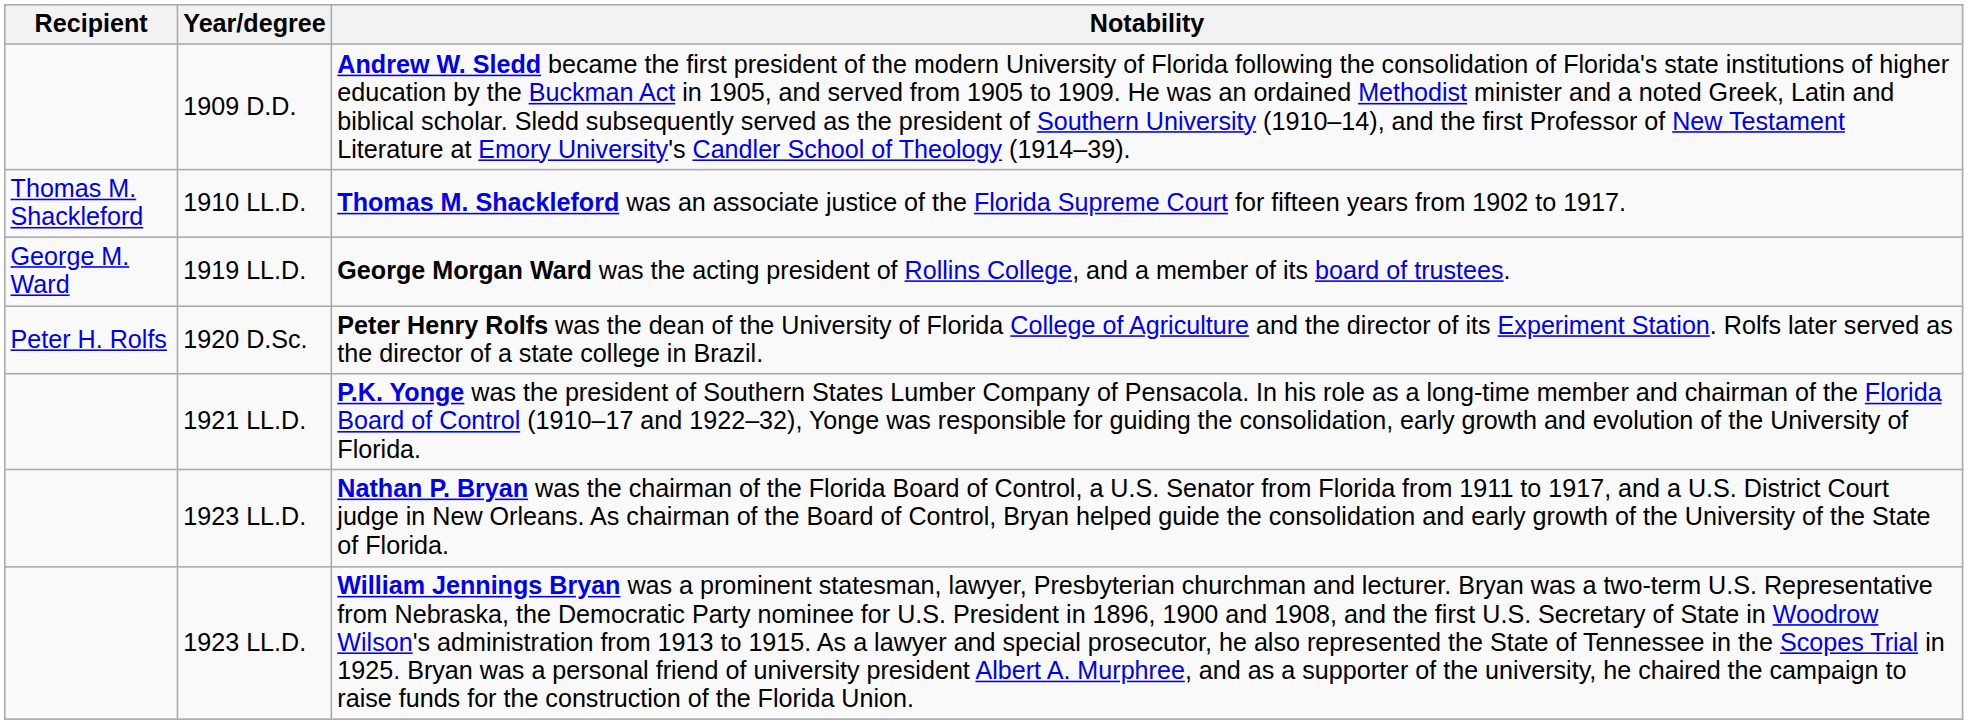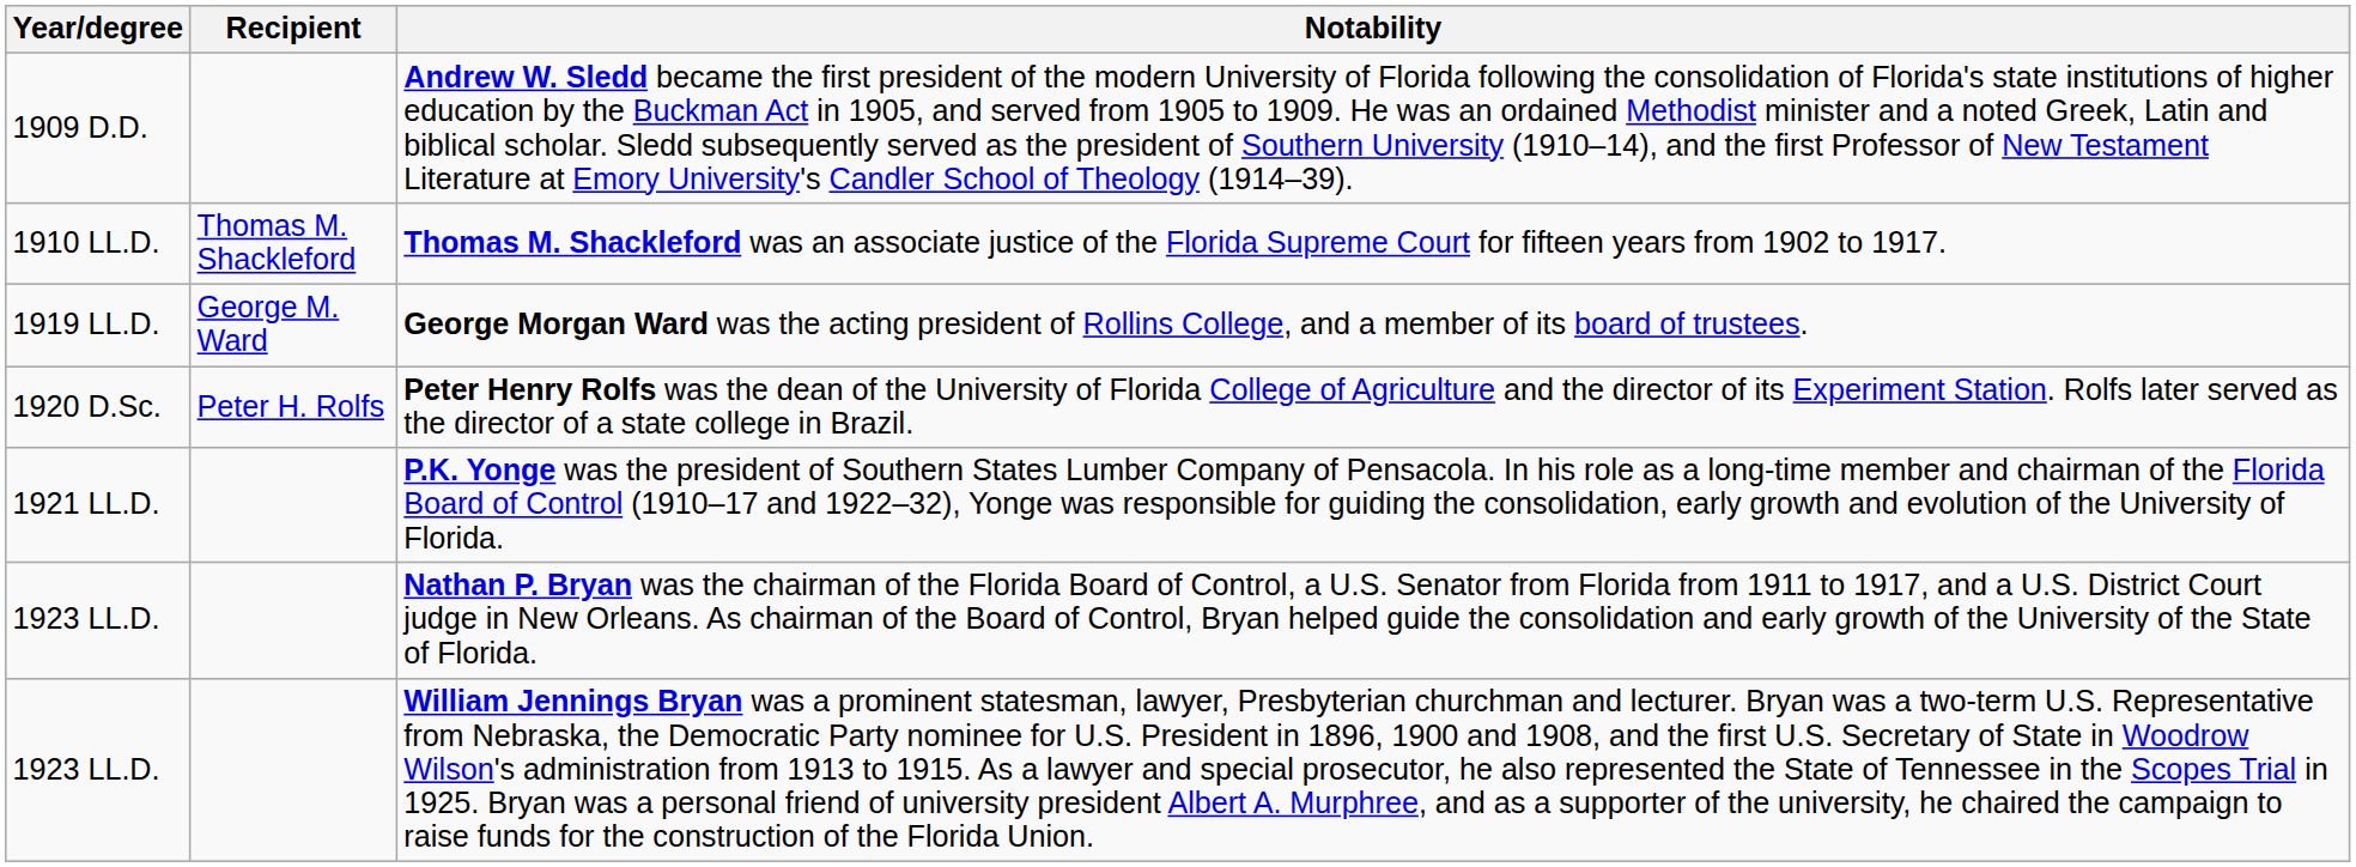 <table class="wikitable">
 <tr>
+<th>Year/degree</th>
 <th>Recipient</th>
-<th>Year/degree</th>
 <th>Notability</th>
 </tr>
 <tr>
+<td>1909 D.D.</td>
 <td></td>
-<td>1909 D.D.</td>
 <td><strong><a href='#'>Andrew W. Sledd</a></strong> became the first president of the modern University of Florida following the consolidation of Florida's state institutions of higher education by the <a href='#'>Buckman Act</a> in 1905, and served from 1905 to 1909.  He was an ordained <a href='#'>Methodist</a> minister and a noted Greek, Latin and biblical scholar.  Sledd subsequently served as the president of <a href='#'>Southern University</a> (1910–14), and the first Professor of <a href='#'>New Testament</a> Literature at <a href='#'>Emory University</a>'s <a href='#'>Candler School of Theology</a> (1914–39).</td>
 </tr>
 <tr>
+<td>1910 LL.D.</td>
 <td><a href='#'>Thomas M. Shackleford</a></td>
-<td>1910 LL.D.</td>
 <td><strong><a href='#'>Thomas M. Shackleford</a></strong> was an associate justice of the <a href='#'>Florida Supreme Court</a> for fifteen years from 1902 to 1917.</td>
 </tr>
 <tr>
+<td>1919 LL.D.</td>
 <td><a href='#'>George M. Ward</a></td>
-<td>1919 LL.D.</td>
 <td><strong>George Morgan Ward</strong> was the acting president of <a href='#'>Rollins College</a>, and a member of its <a href='#'>board of trustees</a>.</td>
 </tr>
 <tr>
+<td>1920 D.Sc.</td>
 <td><a href='#'>Peter H. Rolfs</a></td>
-<td>1920 D.Sc.</td>
 <td><strong>Peter Henry Rolfs</strong> was the dean of the University of Florida <a href='#'>College of Agriculture</a> and the director of its <a href='#'>Experiment Station</a>.  Rolfs later served as the director of a state college in Brazil.</td>
 </tr>
 <tr>
+<td>1921 LL.D.</td>
 <td></td>
-<td>1921 LL.D.</td>
 <td><strong><a href='#'>P.K. Yonge</a></strong> was the president of Southern States Lumber Company of Pensacola.  In his role as a long-time member and chairman of the <a href='#'>Florida Board of Control</a> (1910–17 and 1922–32), Yonge was responsible for guiding the consolidation, early growth and evolution of the University of Florida.</td>
 </tr>
 <tr>
+<td>1923 LL.D.</td>
 <td></td>
-<td>1923 LL.D.</td>
 <td><strong><a href='#'>Nathan P. Bryan</a></strong> was the chairman of the Florida Board of Control, a U.S. Senator from Florida from 1911 to 1917, and a U.S. District Court judge in New Orleans.  As chairman of the Board of Control, Bryan helped guide the consolidation and early growth of the University of the State of Florida.</td>
 </tr>
 <tr>
+<td>1923 LL.D.</td>
 <td></td>
-<td>1923 LL.D.</td>
 <td><strong><a href='#'>William Jennings Bryan</a></strong> was a prominent statesman, lawyer, Presbyterian churchman and lecturer.  Bryan was a two-term U.S. Representative from Nebraska, the Democratic Party nominee for U.S. President in 1896, 1900 and 1908, and the first U.S. Secretary of State in <a href='#'>Woodrow Wilson</a>'s administration from 1913 to 1915.  As a lawyer and special prosecutor, he also represented the State of Tennessee in the <a href='#'>Scopes Trial</a> in 1925.  Bryan was a personal friend of university president <a href='#'>Albert A. Murphree</a>, and as a supporter of the university, he chaired the campaign to raise funds for the construction of the Florida Union.</td>
 </tr>
 </table>
